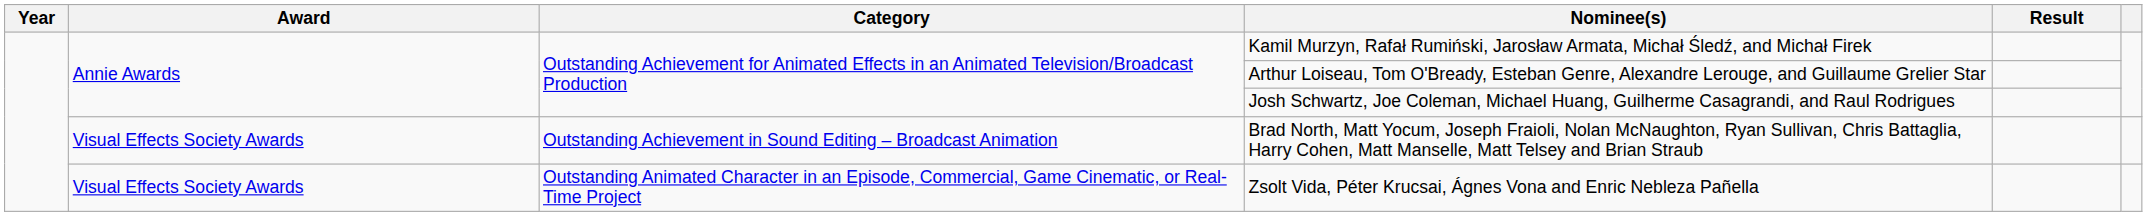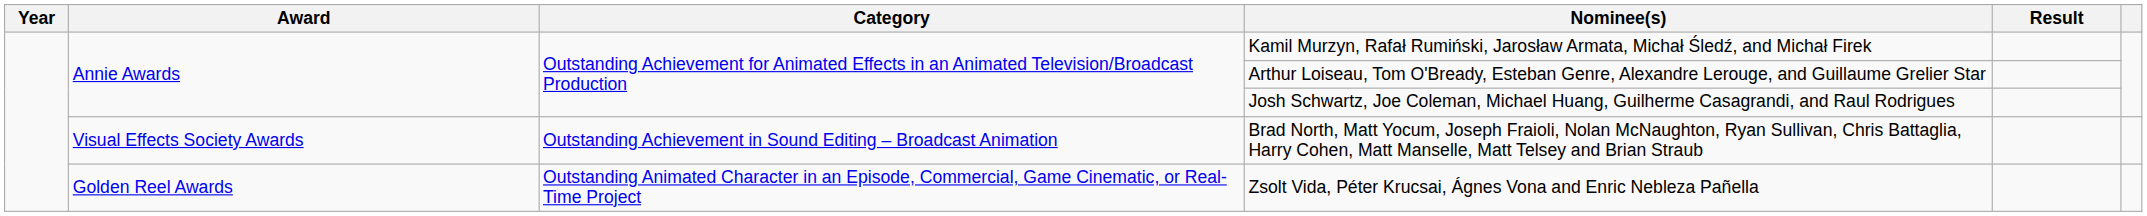 <table class="wikitable sortable" style="width:98%">
 <tr>
 <th scope="col" style="width:3%;">Year</th>
 <th scope="col" style="width:22%;">Award</th>
 <th scope="col" style="width:33%;">Category</th>
 <th scope="col" style="width:35%;">Nominee(s)</th>
 <th scope="col" style="width:6%;">Result</th>
 <th scope="col" class="unsortable" style="width:1%;"></th>
 </tr>
 <tr>
 <td rowspan="5"></td>
 <td rowspan="3"><a href='#'>Annie Awards</a></td>
 <td rowspan="3"><a href='#'>Outstanding Achievement for Animated Effects in an Animated Television/Broadcast Production</a></td>
 <td>Kamil Murzyn, Rafał Rumiński, Jarosław Armata, Michał Śledź, and Michał Firek </td>
 <td></td>
 <td rowspan="3" style="text-align: center;"></td>
 </tr>
 <tr>
 <td>Arthur Loiseau, Tom O'Bready, Esteban Genre, Alexandre Lerouge, and Guillaume Grelier Star </td>
 <td></td>
 </tr>
 <tr>
 <td>Josh Schwartz, Joe Coleman, Michael Huang, Guilherme Casagrandi, and Raul Rodrigues </td>
 <td></td>
 </tr>
 <tr>
 <td><a href='#'>Visual Effects Society Awards</a></td>
 <td><a href='#'>Outstanding Achievement in Sound Editing – Broadcast Animation</a></td>
 <td>Brad North, Matt Yocum, Joseph Fraioli, Nolan McNaughton, Ryan Sullivan, Chris Battaglia, Harry Cohen, Matt Manselle, Matt Telsey and Brian Straub </td>
 <td></td>
 <td style="text-align: center;"></td>
 </tr>
 <tr>
-<td><a href='#'>Visual Effects Society Awards</a></td>
+<td><a href='#'>Golden Reel Awards</a></td>
 <td><a href='#'>Outstanding Animated Character in an Episode, Commercial, Game Cinematic, or Real-Time Project</a></td>
 <td>Zsolt Vida, Péter Krucsai, Ágnes Vona and Enric Nebleza Pañella </td>
 <td></td>
 <td style="text-align: center;"></td>
 </tr>
 </table>
